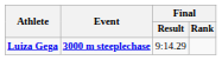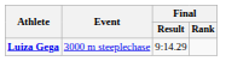 <table class="wikitable" style="font-size:90%">
 <tr>
 <th rowspan="2">Athlete</th>
 <th rowspan="2">Event</th>
 <th colspan="2">Final</th>
 </tr>
 <tr style="font-size:95%">
 <th>Result</th>
 <th>Rank</th>
 </tr>
 <tr align=center>
 <td align=left><strong><a href='#'>Luiza Gega</a></strong></td>
-<td align=left><strong><a href='#'>3000 m steeplechase</a></strong></td>
+<td align=left><a href='#'>3000 m steeplechase</a></td>
 <td>9:14.29  </td>
 <td></td>
 </tr>
 </table>
